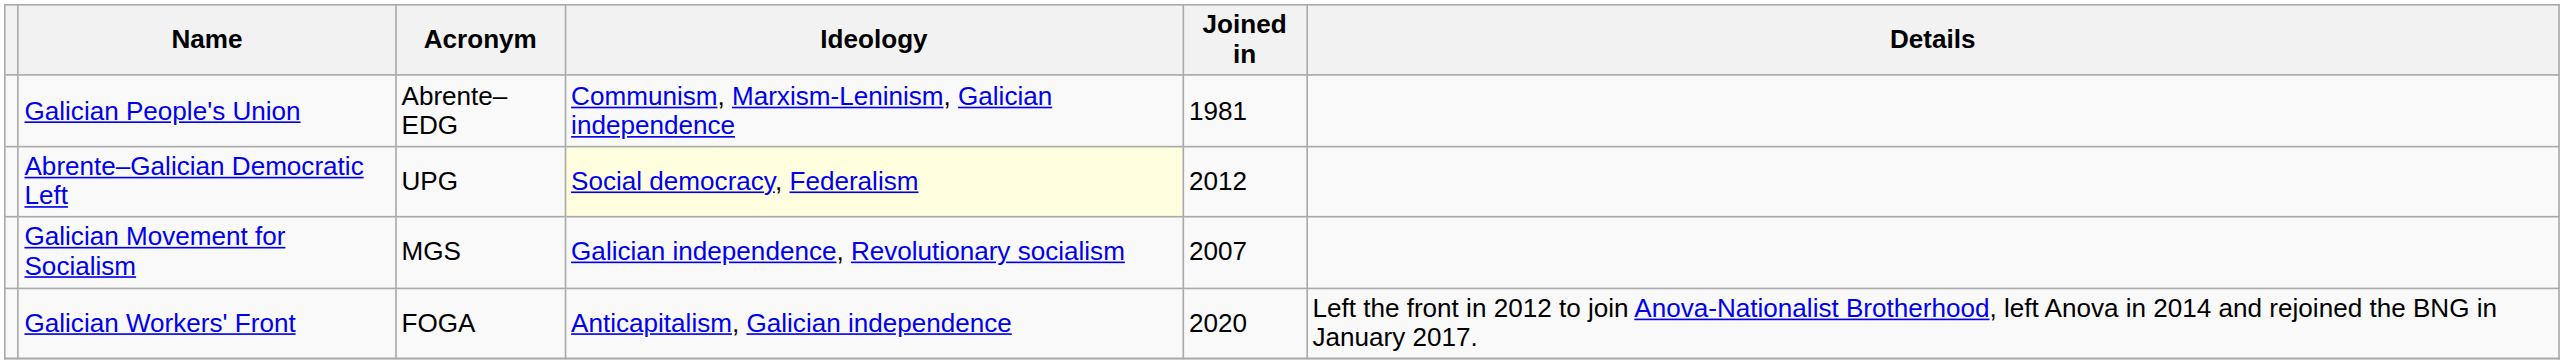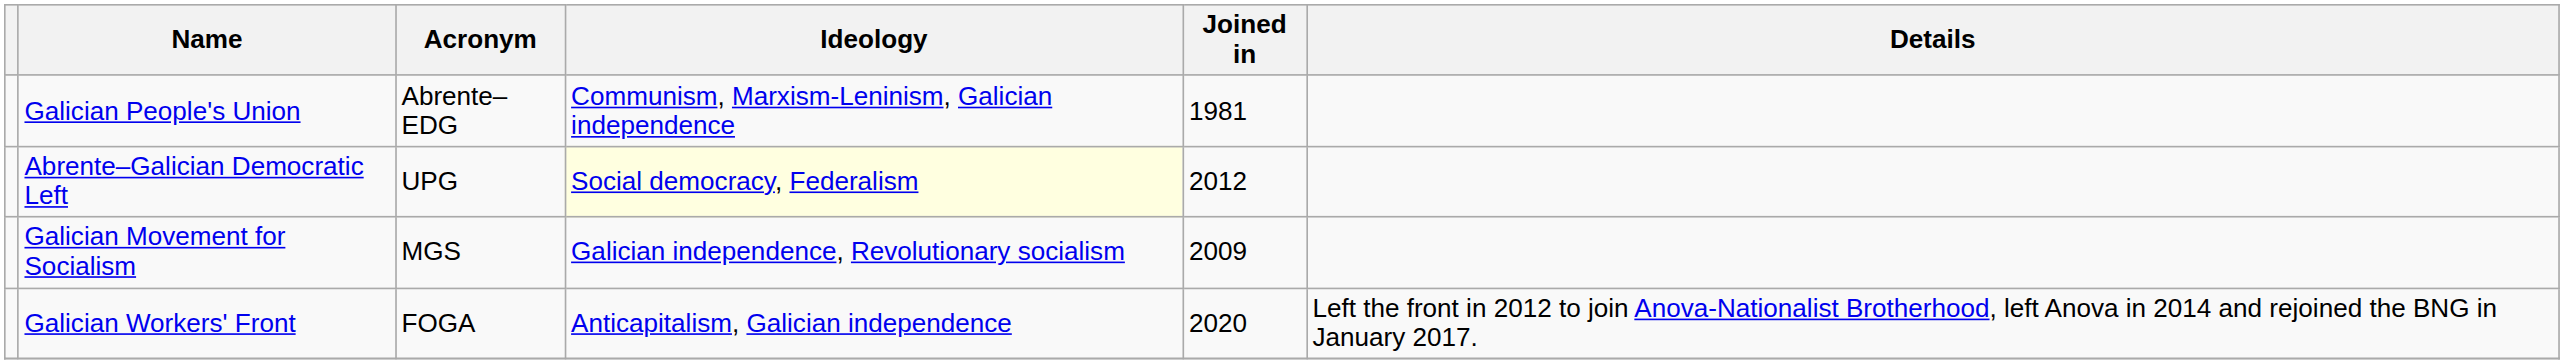 <table class="wikitable sortable">
 <tr>
 <th class="unsortable" width="1px"></th>
 <th>Name</th>
 <th>Acronym</th>
 <th>Ideology</th>
 <th>Joined in</th>
 <th>Details</th>
 </tr>
 <tr>
 <td></td>
 <td><a href='#'>Galician People's Union</a></td>
 <td>Abrente–EDG</td>
 <td><a href='#'>Communism</a>, <a href='#'>Marxism-Leninism</a>, <a href='#'>Galician independence</a></td>
 <td>1981</td>
 <td></td>
 </tr>
 <tr>
 <td></td>
 <td><a href='#'>Abrente–Galician Democratic Left</a></td>
 <td>UPG</td>
 <td style="background: lightyellow;"><a href='#'>Social democracy</a>, <a href='#'>Federalism</a></td>
 <td>2012</td>
 <td></td>
 </tr>
 <tr>
 <td></td>
 <td><a href='#'>Galician Movement for Socialism</a></td>
 <td>MGS</td>
 <td><a href='#'>Galician independence</a>, <a href='#'>Revolutionary socialism</a></td>
-<td>2007</td>
+<td>2009</td>
 <td></td>
 </tr>
 <tr>
 <td></td>
 <td><a href='#'>Galician Workers' Front</a></td>
 <td>FOGA</td>
 <td><a href='#'>Anticapitalism</a>, <a href='#'>Galician independence</a></td>
 <td>2020</td>
 <td>Left the front in 2012 to join <a href='#'>Anova-Nationalist Brotherhood</a>, left Anova in 2014 and rejoined the BNG in January 2017.</td>
 </tr>
 <tr>
 </tr>
 <tr>
 </tr>
 </table>
